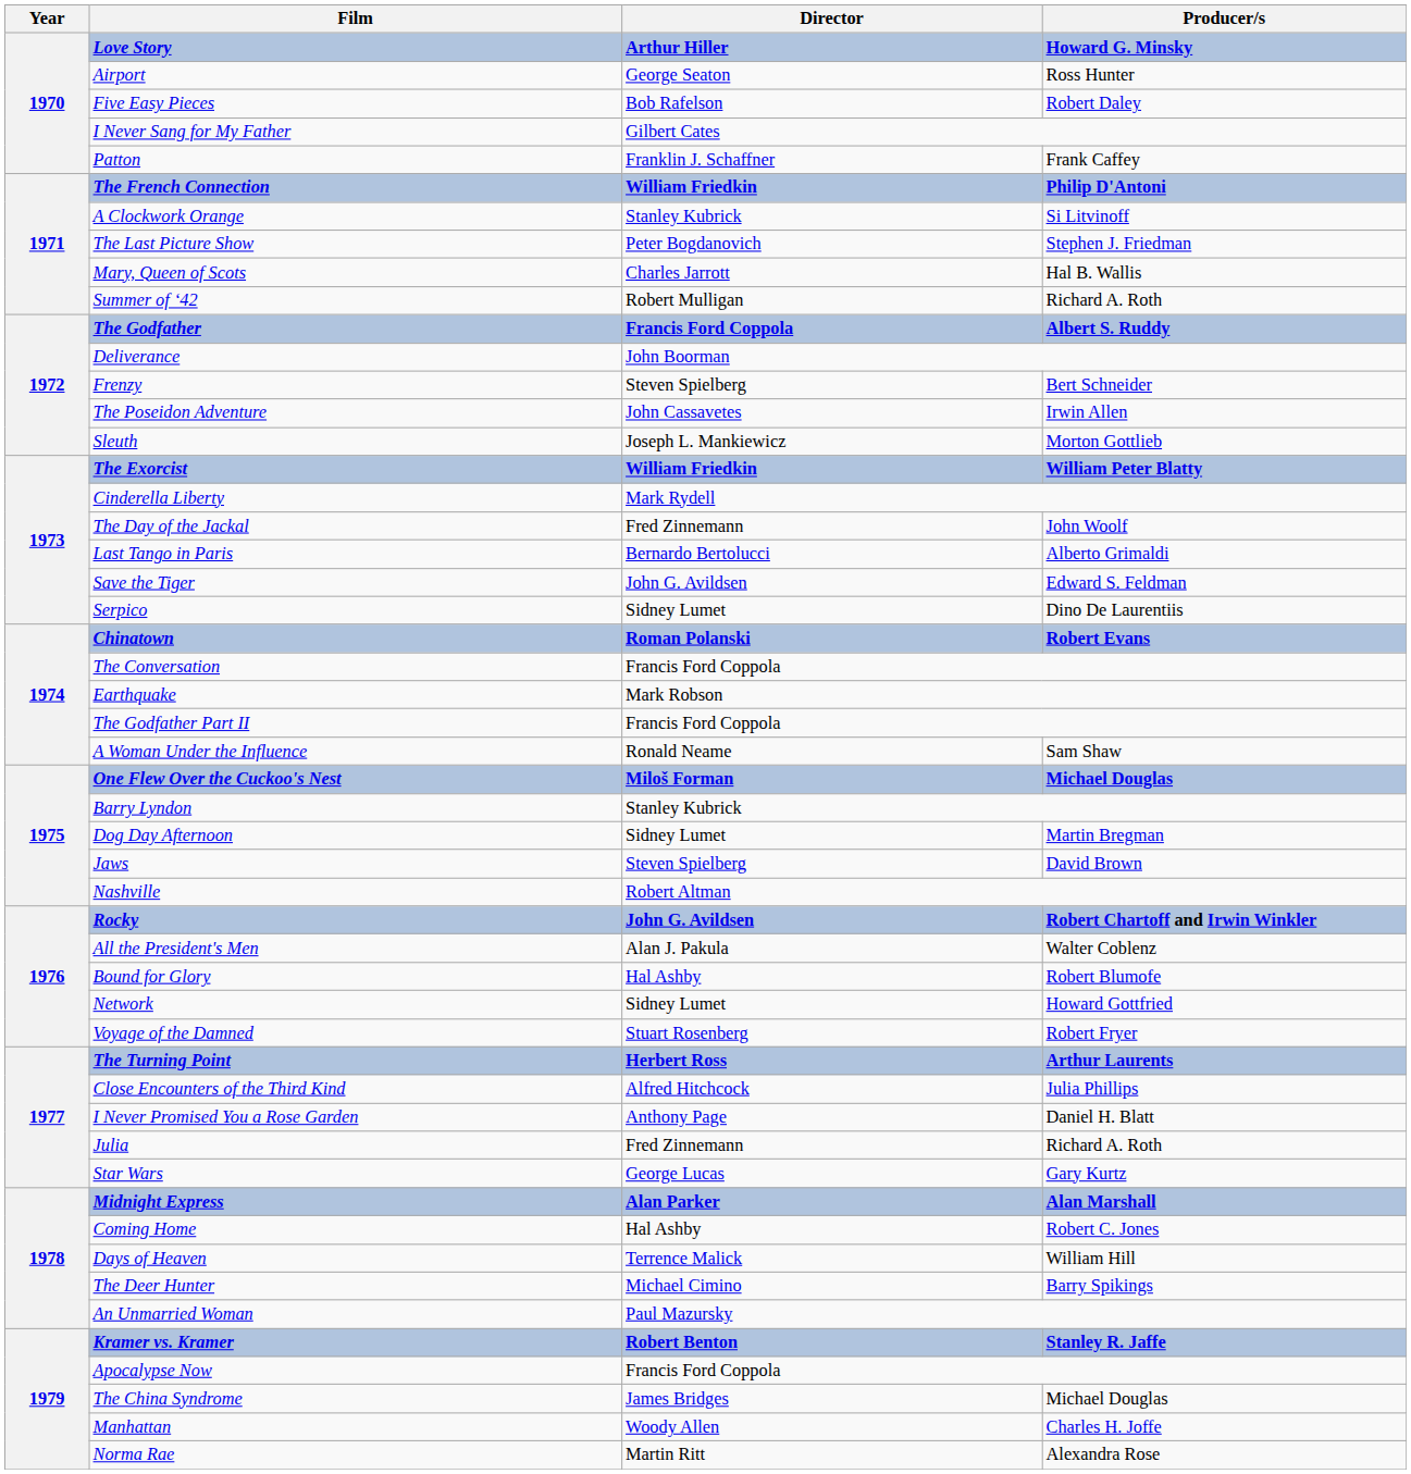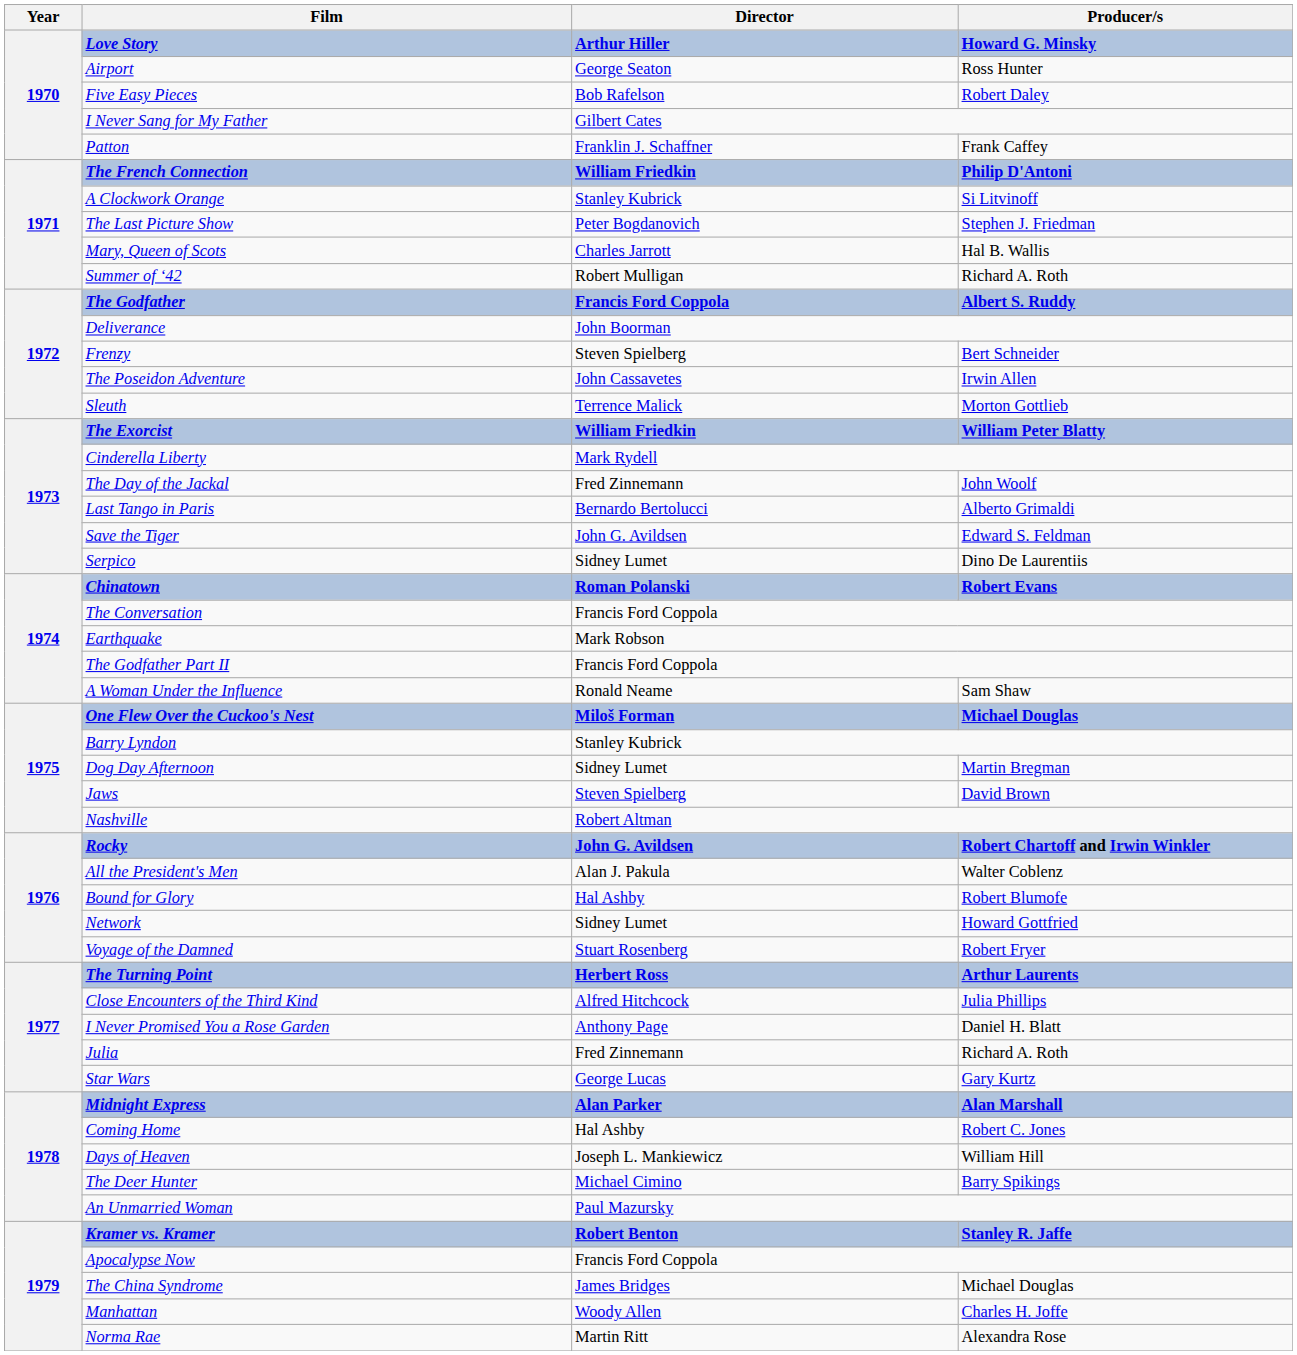 <table class="wikitable sortable" style="width:100%; text-align:left">
 <tr>
 <th style="width:6%;">Year</th>
 <th style="width:38%;">Film</th>
 <th style="width:30%;">Director</th>
 <th style="width:30%;">Producer/s</th>
 </tr>
 <tr>
 <th rowspan="5" style="text-align:center;"><a href='#'>1970</a></th>
 <td style="background:#B0C4DE;"><strong><em><a href='#'>Love Story</a></em></strong></td>
 <td style="background:#B0C4DE;"><strong><a href='#'>Arthur Hiller</a></strong></td>
 <td style="background:#B0C4DE;"><strong><a href='#'>Howard G. Minsky</a></strong></td>
 </tr>
 <tr>
 <td><em><a href='#'>Airport</a></em></td>
 <td><a href='#'>George Seaton</a></td>
 <td>Ross Hunter</td>
 </tr>
 <tr>
 <td><em><a href='#'>Five Easy Pieces</a></em></td>
 <td><a href='#'>Bob Rafelson</a></td>
 <td><a href='#'>Robert Daley</a></td>
 </tr>
 <tr>
 <td><em><a href='#'>I Never Sang for My Father</a></em></td>
 <td colspan="2"><a href='#'>Gilbert Cates</a></td>
 </tr>
 <tr>
 <td><em><a href='#'>Patton</a></em></td>
 <td><a href='#'>Franklin J. Schaffner</a></td>
 <td>Frank Caffey</td>
 </tr>
 <tr>
 <th rowspan="5" style="text-align:center;"><a href='#'>1971</a></th>
 <td style="background:#B0C4DE;"><strong><em><a href='#'>The French Connection</a></em></strong></td>
 <td style="background:#B0C4DE;"><strong><a href='#'>William Friedkin</a></strong></td>
 <td style="background:#B0C4DE;"><strong><a href='#'>Philip D'Antoni</a></strong></td>
 </tr>
 <tr>
 <td><em><a href='#'>A Clockwork Orange</a></em></td>
 <td><a href='#'>Stanley Kubrick</a></td>
 <td><a href='#'>Si Litvinoff</a></td>
 </tr>
 <tr>
 <td><em><a href='#'>The Last Picture Show</a></em></td>
 <td><a href='#'>Peter Bogdanovich</a></td>
 <td><a href='#'>Stephen J. Friedman</a></td>
 </tr>
 <tr>
 <td><em><a href='#'>Mary, Queen of Scots</a></em></td>
 <td><a href='#'>Charles Jarrott</a></td>
 <td>Hal B. Wallis</td>
 </tr>
 <tr>
 <td><em><a href='#'>Summer of ‘42</a></em></td>
 <td>Robert Mulligan</td>
 <td>Richard A. Roth</td>
 </tr>
 <tr>
 <th rowspan="5" style="text-align:center;"><a href='#'>1972</a></th>
 <td style="background:#B0C4DE;"><strong><em><a href='#'>The Godfather</a></em></strong></td>
 <td style="background:#B0C4DE;"><strong><a href='#'>Francis Ford Coppola</a></strong></td>
 <td style="background:#B0C4DE;"><strong><a href='#'>Albert S. Ruddy</a></strong></td>
 </tr>
 <tr>
 <td><em><a href='#'>Deliverance</a></em></td>
 <td colspan="2"><a href='#'>John Boorman</a></td>
 </tr>
 <tr>
 <td><em><a href='#'>Frenzy</a></em></td>
 <td>Steven Spielberg</td>
 <td><a href='#'>Bert Schneider</a></td>
 </tr>
 <tr>
 <td><em><a href='#'>The Poseidon Adventure</a></em></td>
 <td><a href='#'>John Cassavetes</a></td>
 <td><a href='#'>Irwin Allen</a></td>
 </tr>
 <tr>
 <td><em><a href='#'>Sleuth</a></em></td>
-<td>Joseph L. Mankiewicz</td>
+<td><a href='#'>Terrence Malick</a></td>
 <td><a href='#'>Morton Gottlieb</a></td>
 </tr>
 <tr>
 <th rowspan="6" style="text-align:center;"><a href='#'>1973</a></th>
 <td style="background:#B0C4DE;"><strong><em><a href='#'>The Exorcist</a></em></strong></td>
 <td style="background:#B0C4DE;"><strong><a href='#'>William Friedkin</a></strong></td>
 <td style="background:#B0C4DE;"><strong><a href='#'>William Peter Blatty</a></strong></td>
 </tr>
 <tr>
 <td><em><a href='#'>Cinderella Liberty</a></em></td>
 <td colspan="2"><a href='#'>Mark Rydell</a></td>
 </tr>
 <tr>
 <td><em><a href='#'>The Day of the Jackal</a></em></td>
 <td>Fred Zinnemann</td>
 <td><a href='#'>John Woolf</a></td>
 </tr>
 <tr>
 <td><em><a href='#'>Last Tango in Paris</a></em></td>
 <td><a href='#'>Bernardo Bertolucci</a></td>
 <td><a href='#'>Alberto Grimaldi</a></td>
 </tr>
 <tr>
 <td><em><a href='#'>Save the Tiger</a></em></td>
 <td><a href='#'>John G. Avildsen</a></td>
 <td><a href='#'>Edward S. Feldman</a></td>
 </tr>
 <tr>
 <td><em><a href='#'>Serpico</a></em></td>
 <td>Sidney Lumet</td>
 <td>Dino De Laurentiis</td>
 </tr>
 <tr>
 <th rowspan="5" style="text-align:center;"><a href='#'>1974</a></th>
 <td style="background:#B0C4DE;"><strong><em><a href='#'>Chinatown</a></em></strong></td>
 <td style="background:#B0C4DE;"><strong><a href='#'>Roman Polanski</a></strong></td>
 <td style="background:#B0C4DE;"><strong><a href='#'>Robert Evans</a></strong></td>
 </tr>
 <tr>
 <td><em><a href='#'>The Conversation</a></em></td>
 <td colspan="2">Francis Ford Coppola</td>
 </tr>
 <tr>
 <td><em><a href='#'>Earthquake</a></em></td>
 <td colspan="2">Mark Robson</td>
 </tr>
 <tr>
 <td><em><a href='#'>The Godfather Part II</a></em></td>
 <td colspan="2">Francis Ford Coppola</td>
 </tr>
 <tr>
 <td><em><a href='#'>A Woman Under the Influence</a></em></td>
 <td>Ronald Neame</td>
 <td>Sam Shaw</td>
 </tr>
 <tr>
 <th rowspan="5" style="text-align:center;"><a href='#'>1975</a></th>
 <td style="background:#B0C4DE;"><strong><em><a href='#'>One Flew Over the Cuckoo's Nest</a></em></strong></td>
 <td style="background:#B0C4DE;"><strong><a href='#'>Miloš Forman</a></strong></td>
 <td style="background:#B0C4DE;"><strong><a href='#'>Michael Douglas</a></strong></td>
 </tr>
 <tr>
 <td><em><a href='#'>Barry Lyndon</a></em></td>
 <td colspan="2">Stanley Kubrick</td>
 </tr>
 <tr>
 <td><em><a href='#'>Dog Day Afternoon</a></em></td>
 <td>Sidney Lumet</td>
 <td><a href='#'>Martin Bregman</a></td>
 </tr>
 <tr>
 <td><em><a href='#'>Jaws</a></em></td>
 <td><a href='#'>Steven Spielberg</a></td>
 <td><a href='#'>David Brown</a></td>
 </tr>
 <tr>
 <td><em><a href='#'>Nashville</a></em></td>
 <td colspan="2"><a href='#'>Robert Altman</a></td>
 </tr>
 <tr>
 <th rowspan="5" style="text-align:center;"><a href='#'>1976</a></th>
 <td style="background:#B0C4DE;"><strong><em><a href='#'>Rocky</a></em></strong></td>
 <td style="background:#B0C4DE;"><strong><a href='#'>John G. Avildsen</a></strong></td>
 <td style="background:#B0C4DE;"><strong><a href='#'>Robert Chartoff</a> and <a href='#'>Irwin Winkler</a></strong></td>
 </tr>
 <tr>
 <td><em><a href='#'>All the President's Men</a></em></td>
 <td>Alan J. Pakula</td>
 <td>Walter Coblenz</td>
 </tr>
 <tr>
 <td><em><a href='#'>Bound for Glory</a></em></td>
 <td><a href='#'>Hal Ashby</a></td>
 <td><a href='#'>Robert Blumofe</a></td>
 </tr>
 <tr>
 <td><em><a href='#'>Network</a></em></td>
 <td>Sidney Lumet</td>
 <td><a href='#'>Howard Gottfried</a></td>
 </tr>
 <tr>
 <td><em><a href='#'>Voyage of the Damned</a></em></td>
 <td><a href='#'>Stuart Rosenberg</a></td>
 <td><a href='#'>Robert Fryer</a></td>
 </tr>
 <tr>
 <th rowspan="5" style="text-align:center;"><a href='#'>1977</a></th>
 <td style="background:#B0C4DE;"><strong><em><a href='#'>The Turning Point</a></em></strong></td>
 <td style="background:#B0C4DE;"><strong><a href='#'>Herbert Ross</a></strong></td>
 <td style="background:#B0C4DE;"><strong><a href='#'>Arthur Laurents</a></strong></td>
 </tr>
 <tr>
 <td><em><a href='#'>Close Encounters of the Third Kind</a></em></td>
 <td><a href='#'>Alfred Hitchcock</a></td>
 <td><a href='#'>Julia Phillips</a></td>
 </tr>
 <tr>
 <td><em><a href='#'>I Never Promised You a Rose Garden</a></em></td>
 <td><a href='#'>Anthony Page</a></td>
 <td>Daniel H. Blatt</td>
 </tr>
 <tr>
 <td><em><a href='#'>Julia</a></em></td>
 <td>Fred Zinnemann</td>
 <td>Richard A. Roth</td>
 </tr>
 <tr>
 <td><em><a href='#'>Star Wars</a></em></td>
 <td><a href='#'>George Lucas</a></td>
 <td><a href='#'>Gary Kurtz</a></td>
 </tr>
 <tr>
 <th rowspan="5" style="text-align:center;"><a href='#'>1978</a></th>
 <td style="background:#B0C4DE;"><strong><em><a href='#'>Midnight Express</a></em></strong></td>
 <td style="background:#B0C4DE;"><strong><a href='#'>Alan Parker</a></strong></td>
 <td style="background:#B0C4DE;"><strong><a href='#'>Alan Marshall</a></strong></td>
 </tr>
 <tr>
 <td><em><a href='#'>Coming Home</a></em></td>
 <td>Hal Ashby</td>
 <td><a href='#'>Robert C. Jones</a></td>
 </tr>
 <tr>
 <td><em><a href='#'>Days of Heaven</a></em></td>
-<td><a href='#'>Terrence Malick</a></td>
+<td>Joseph L. Mankiewicz</td>
 <td>William Hill</td>
 </tr>
 <tr>
 <td><em><a href='#'>The Deer Hunter</a></em></td>
 <td><a href='#'>Michael Cimino</a></td>
 <td><a href='#'>Barry Spikings</a></td>
 </tr>
 <tr>
 <td><em><a href='#'>An Unmarried Woman</a></em></td>
 <td colspan="2"><a href='#'>Paul Mazursky</a></td>
 </tr>
 <tr>
 <th rowspan="5" style="text-align:center;"><a href='#'>1979</a></th>
 <td style="background:#B0C4DE;"><strong><em><a href='#'>Kramer vs. Kramer</a></em></strong></td>
 <td style="background:#B0C4DE;"><strong><a href='#'>Robert Benton</a></strong></td>
 <td style="background:#B0C4DE;"><strong><a href='#'>Stanley R. Jaffe</a></strong></td>
 </tr>
 <tr>
 <td><em><a href='#'>Apocalypse Now</a></em></td>
 <td colspan="2">Francis Ford Coppola</td>
 </tr>
 <tr>
 <td><em><a href='#'>The China Syndrome</a></em></td>
 <td><a href='#'>James Bridges</a></td>
 <td>Michael Douglas</td>
 </tr>
 <tr>
 <td><em><a href='#'>Manhattan</a></em></td>
 <td><a href='#'>Woody Allen</a></td>
 <td><a href='#'>Charles H. Joffe</a></td>
 </tr>
 <tr>
 <td><em><a href='#'>Norma Rae</a></em></td>
 <td>Martin Ritt</td>
 <td>Alexandra Rose</td>
 </tr>
 </table>
